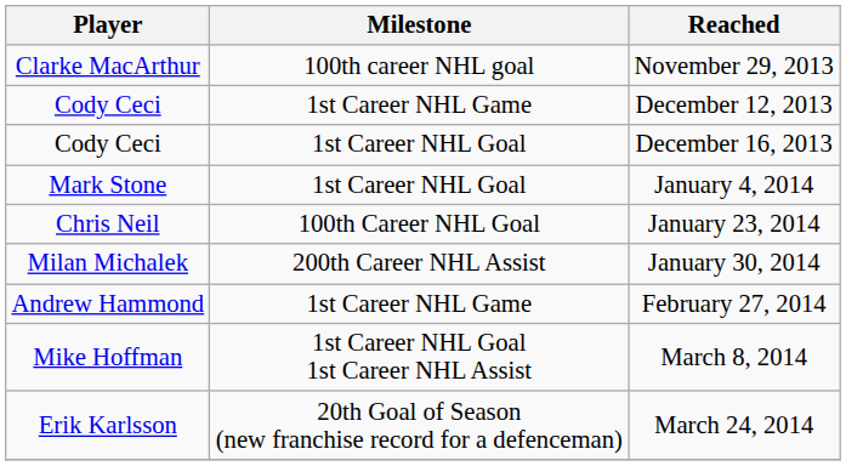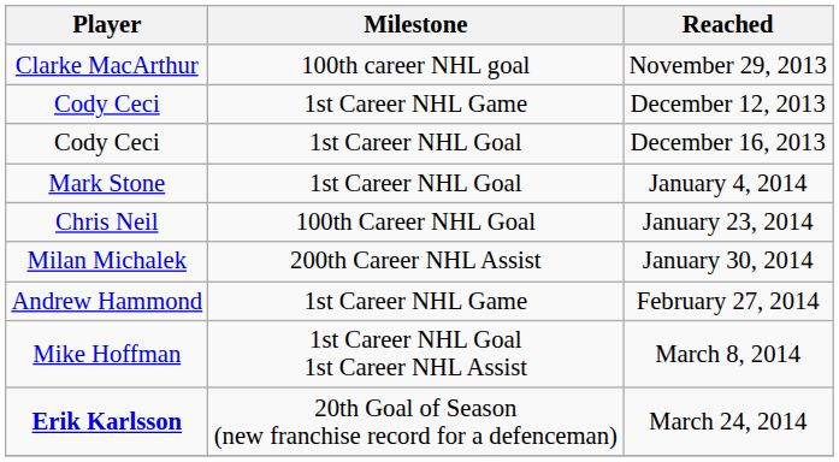 <table class="wikitable sortable" style=" text-align:center;">
 <tr>
 <th>Player</th>
 <th>Milestone</th>
 <th>Reached</th>
 </tr>
 <tr>
 <td><a href='#'>Clarke MacArthur</a></td>
 <td>100th career NHL goal</td>
 <td>November 29, 2013</td>
 </tr>
 <tr>
 <td><a href='#'>Cody Ceci</a></td>
 <td>1st Career NHL Game</td>
 <td>December 12, 2013</td>
 </tr>
 <tr>
 <td>Cody Ceci</td>
 <td>1st Career NHL Goal</td>
 <td>December 16, 2013</td>
 </tr>
 <tr>
 <td><a href='#'>Mark Stone</a></td>
 <td>1st Career NHL Goal</td>
 <td>January 4, 2014</td>
 </tr>
 <tr>
 <td><a href='#'>Chris Neil</a></td>
 <td>100th Career NHL Goal</td>
 <td>January 23, 2014</td>
 </tr>
 <tr>
 <td><a href='#'>Milan Michalek</a></td>
 <td>200th Career NHL Assist</td>
 <td>January 30, 2014</td>
 </tr>
 <tr>
 <td><a href='#'>Andrew Hammond</a></td>
 <td>1st Career NHL Game</td>
 <td>February 27, 2014</td>
 </tr>
 <tr>
 <td><a href='#'>Mike Hoffman</a></td>
 <td>1st Career NHL Goal<br>1st Career NHL Assist</td>
 <td>March 8, 2014</td>
 </tr>
 <tr>
-<td><a href='#'>Erik Karlsson</a></td>
+<td><strong><a href='#'>Erik Karlsson</a></strong></td>
 <td>20th Goal of Season<br>(new franchise record for a defenceman)</td>
 <td>March 24, 2014</td>
 </tr>
 <tr>
 </tr>
 </table>
